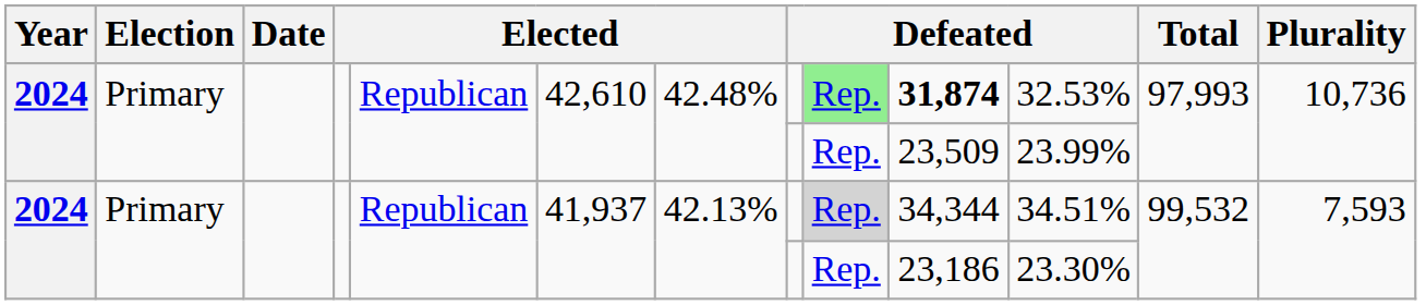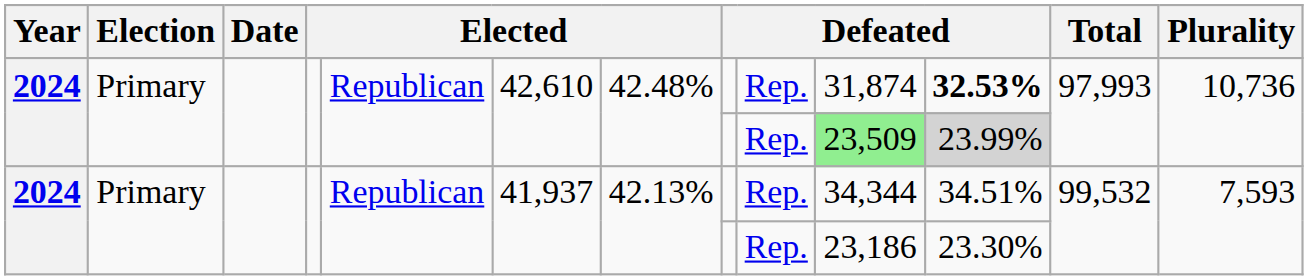 <table class="wikitable">
 <tr>
 <th>Year</th>
 <th>Election</th>
 <th>Date</th>
 <th colspan="4">Elected</th>
 <th colspan="4">Defeated</th>
 <th>Total</th>
 <th>Plurality</th>
 </tr>
 <tr>
 <th rowspan="2" valign="top"><a href='#'>2024</a><br><a href='#'></a></th>
 <td rowspan="2" valign="top">Primary</td>
 <td rowspan="2" valign="top"></td>
 <td rowspan="2" valign="top"></td>
 <td valign="top" rowspan="2" ><a href='#'>Republican</a></td>
 <td rowspan="2" align="right" valign="top">42,610</td>
 <td rowspan="2" align="right" valign="top">42.48%</td>
 <td valign="top"></td>
-<td valign="top"  style="background: lightgreen;"><a href='#'>Rep.</a></td>
-<td align="right" valign="top"><strong>31,874</strong></td>
-<td align="right" valign="top">32.53%</td>
+<td valign="top" ><a href='#'>Rep.</a></td>
+<td align="right" valign="top">31,874</td>
+<td align="right" valign="top"><strong>32.53%</strong></td>
 <td rowspan="2" align="right" valign="top">97,993</td>
 <td rowspan="2" align="right" valign="top">10,736</td>
 </tr>
 <tr>
 <td valign="top"></td>
 <td valign="top" ><a href='#'>Rep.</a></td>
-<td align="right" valign="top">23,509</td>
-<td align="right" valign="top">23.99%</td>
+<td align="right" valign="top" style="background: lightgreen;">23,509</td>
+<td align="right" valign="top" style="background: lightgrey;">23.99%</td>
 </tr>
 <tr>
 <th rowspan="2" valign="top"><a href='#'>2024</a></th>
 <td rowspan="2" valign="top">Primary</td>
 <td rowspan="2" valign="top"></td>
 <td rowspan="2" valign="top"></td>
 <td rowspan="2" valign="top" ><a href='#'>Republican</a></td>
 <td rowspan="2" align="right" valign="top">41,937</td>
 <td rowspan="2" align="right" valign="top">42.13%</td>
 <td></td>
-<td valign="top"  style="background: lightgrey;"><a href='#'>Rep.</a></td>
+<td valign="top" ><a href='#'>Rep.</a></td>
 <td align="right" valign="top">34,344</td>
 <td align="right" valign="top">34.51%</td>
 <td rowspan="2" align="right" valign="top">99,532</td>
 <td rowspan="2" align="right" valign="top">7,593</td>
 </tr>
 <tr>
 <td></td>
 <td valign="top" ><a href='#'>Rep.</a></td>
 <td align="right" valign="top">23,186</td>
 <td align="right" valign="top">23.30%</td>
 </tr>
 </table>
